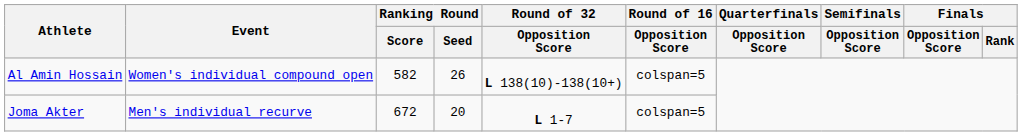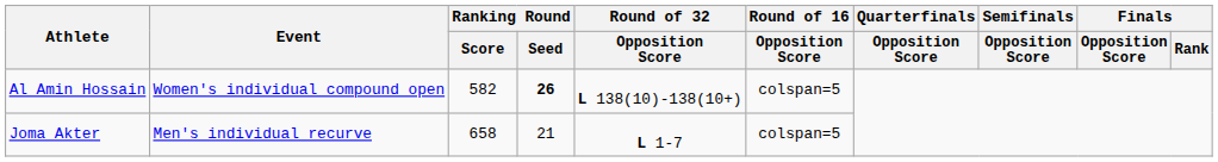 <table class="wikitable" style="text-align: center; font-size:90%">
 <tr>
 <th rowspan="2">Athlete</th>
 <th rowspan="2">Event</th>
 <th colspan="2">Ranking Round</th>
 <th>Round of 32</th>
 <th>Round of 16</th>
 <th>Quarterfinals</th>
 <th>Semifinals</th>
 <th colspan="2">Finals</th>
 </tr>
 <tr style="font-size:95%">
 <th>Score</th>
 <th>Seed</th>
 <th>Opposition<br>Score</th>
 <th>Opposition<br>Score</th>
 <th>Opposition<br>Score</th>
 <th>Opposition<br>Score</th>
 <th>Opposition<br>Score</th>
 <th>Rank</th>
 </tr>
 <tr>
 <td align=left><a href='#'>Al Amin Hossain</a></td>
 <td align=left><a href='#'>Women's individual compound open</a></td>
 <td>582</td>
-<td>26</td>
+<td><strong>26</strong></td>
 <td><br><strong>L</strong> 138(10)-138(10+)</td>
 <td>colspan=5 </td>
 </tr>
 <tr>
 <td align=left><a href='#'>Joma Akter</a></td>
 <td align=left><a href='#'>Men's individual recurve</a></td>
-<td>672</td>
-<td>20</td>
+<td>658</td>
+<td>21</td>
 <td><br><strong>L</strong> 1-7</td>
 <td>colspan=5 </td>
 </tr>
 </table>
